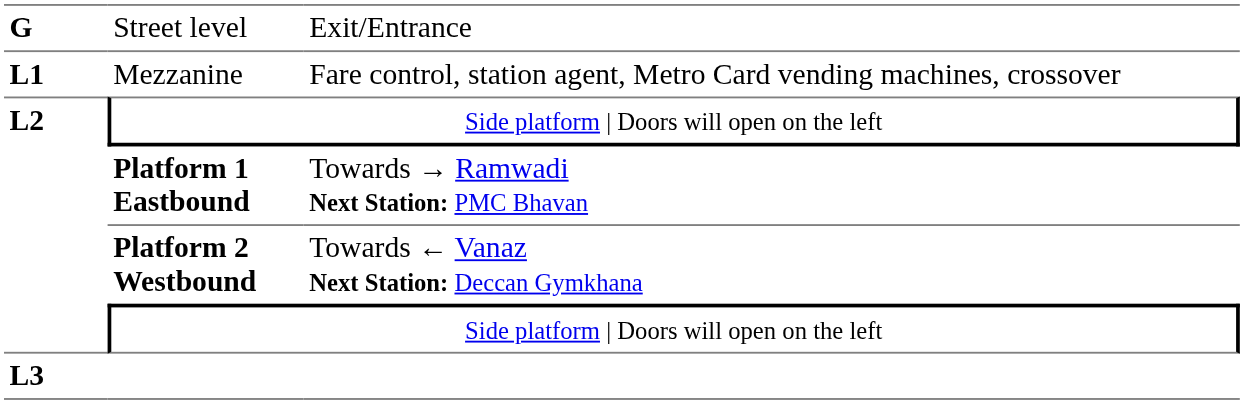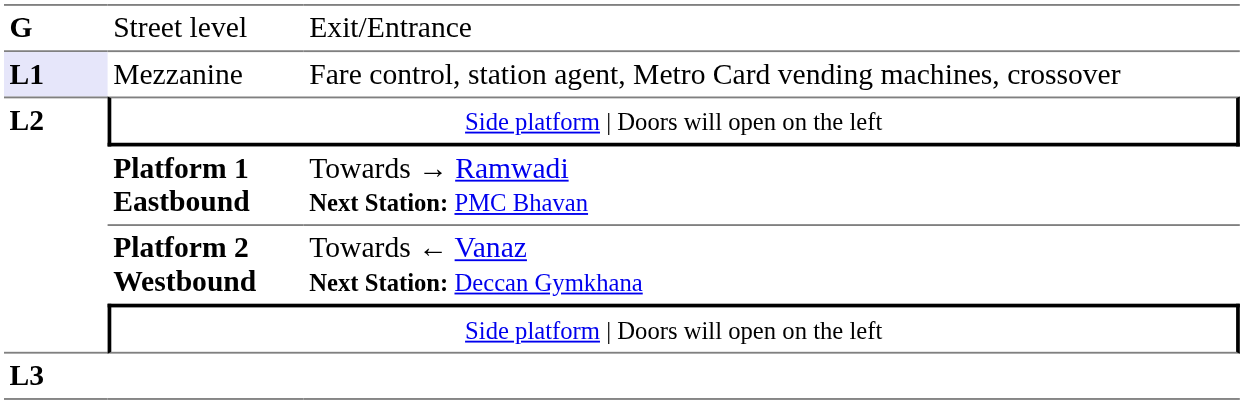 <table table border=0 cellspacing=0 cellpadding=3>
 <tr>
 <td style="border-bottom:solid 1px grey;border-top:solid 1px grey;" width=50 valign=top><strong>G</strong></td>
 <td style="border-top:solid 1px grey;border-bottom:solid 1px grey;" width=100 valign=top>Street level</td>
 <td style="border-top:solid 1px grey;border-bottom:solid 1px grey;" width=500 valign=top>Exit/Entrance</td>
 </tr>
 <tr>
-<td valign=top><strong>L1</strong></td>
+<td valign=top style="background: lavender;"><strong>L1</strong></td>
 <td valign=top>Mezzanine</td>
 <td valign=top>Fare control, station agent, Metro Card vending machines, crossover<br></td>
 </tr>
 <tr>
 <td style="border-top:solid 1px grey;border-bottom:solid 1px grey;" width=50 rowspan=4 valign=top><strong>L2</strong></td>
 <td style="border-top:solid 1px grey;border-right:solid 2px black;border-left:solid 2px black;border-bottom:solid 2px black;text-align:center;" colspan=2><small><a href='#'>Side platform</a> | Doors will open on the left </small></td>
 </tr>
 <tr>
 <td style="border-bottom:solid 1px grey;" width=100><span><strong>Platform 1</strong><br><strong>Eastbound</strong></span></td>
 <td style="border-bottom:solid 1px grey;" width=500>Towards → <a href='#'>Ramwadi</a><br><small><strong>Next Station:</strong> <a href='#'>PMC Bhavan</a></small></td>
 </tr>
 <tr>
 <td><span><strong>Platform 2</strong><br><strong>Westbound</strong></span></td>
 <td>Towards ← <a href='#'>Vanaz</a><br><small><strong>Next Station:</strong> <a href='#'>Deccan Gymkhana</a></small></td>
 </tr>
 <tr>
 <td style="border-top:solid 2px black;border-right:solid 2px black;border-left:solid 2px black;border-bottom:solid 1px grey;" colspan=2  align=center><small><a href='#'>Side platform</a> | Doors will open on the left </small></td>
 </tr>
 <tr>
 <td style="border-bottom:solid 1px grey;" width=50 rowspan=2 valign=top><strong>L3</strong></td>
 <td style="border-bottom:solid 1px grey;" width=100></td>
 <td style="border-bottom:solid 1px grey;" width=500></td>
 </tr>
 <tr>
 </tr>
 </table>
